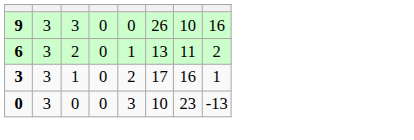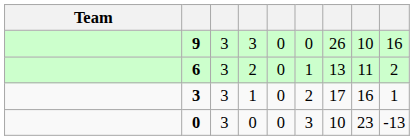 <table class="wikitable" style="text-align: center;">
 <tr>
+<th width=165>Team</th>
 <th width=20></th>
 <th width=20></th>
 <th width=20></th>
 <th width=20></th>
 <th width=20></th>
 <th width=20></th>
 <th width=20></th>
 <th width=20></th>
 </tr>
 <tr align=center style="background:#ccffcc;">
+<td style="text-align:left;"></td>
 <td><strong>9</strong></td>
 <td>3</td>
 <td>3</td>
 <td>0</td>
 <td>0</td>
 <td>26</td>
 <td>10</td>
 <td>16</td>
 </tr>
 <tr align=center style="background:#ccffcc;">
+<td style="text-align:left;"></td>
 <td><strong>6</strong></td>
 <td>3</td>
 <td>2</td>
 <td>0</td>
 <td>1</td>
 <td>13</td>
 <td>11</td>
 <td>2</td>
 </tr>
 <tr align=center style="background:">
+<td style="text-align:left;"></td>
 <td><strong>3</strong></td>
 <td>3</td>
 <td>1</td>
 <td>0</td>
 <td>2</td>
 <td>17</td>
 <td>16</td>
 <td>1</td>
 </tr>
 <tr align=center style="background:">
+<td style="text-align:left;"></td>
 <td><strong>0</strong></td>
 <td>3</td>
 <td>0</td>
 <td>0</td>
 <td>3</td>
 <td>10</td>
 <td>23</td>
 <td>-13</td>
 </tr>
 </table>
